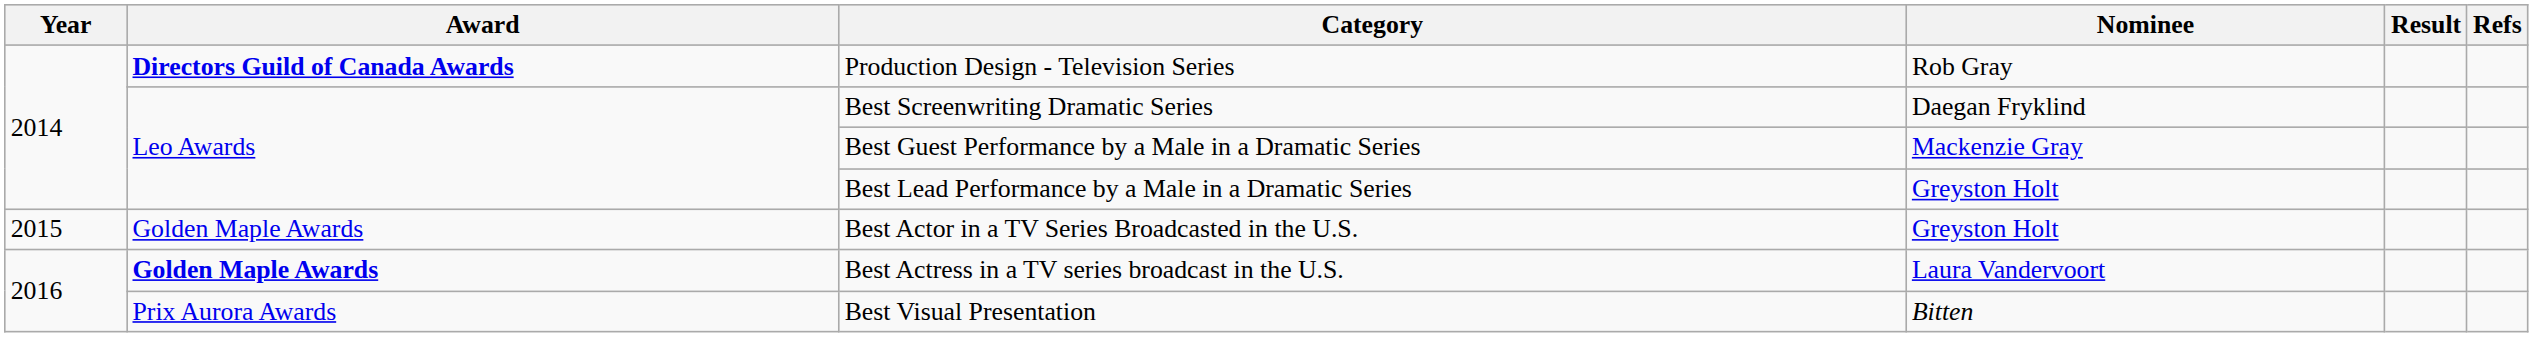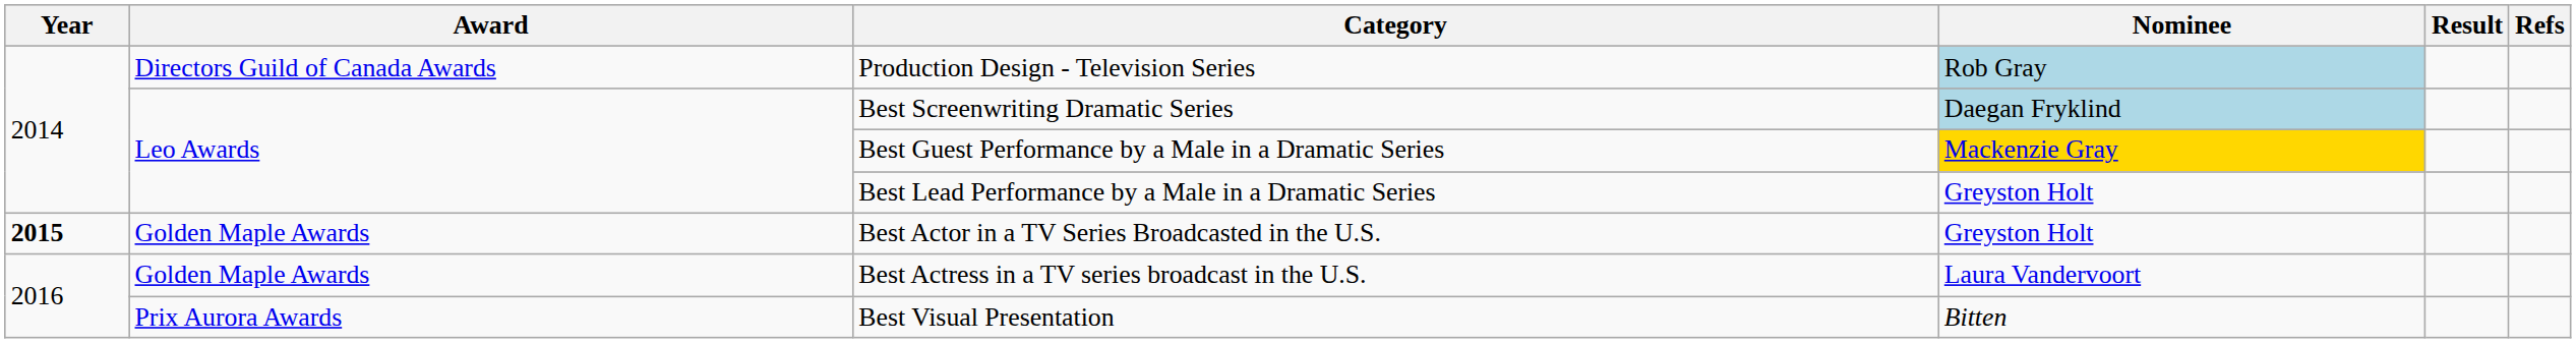 <table class="wikitable">
 <tr>
 <th width=5%>Year</th>
 <th width=30%>Award</th>
 <th width=45%>Category</th>
 <th width=40%>Nominee</th>
 <th width=10%>Result</th>
 <th width=3%>Refs</th>
 </tr>
 <tr>
 <td rowspan="4">2014</td>
-<td><strong><a href='#'>Directors Guild of Canada Awards</a></strong></td>
+<td><a href='#'>Directors Guild of Canada Awards</a></td>
 <td>Production Design - Television Series</td>
-<td>Rob Gray</td>
+<td style="background: lightblue;">Rob Gray</td>
 <td></td>
 <td></td>
 </tr>
 <tr>
 <td rowspan="3"><a href='#'>Leo Awards</a></td>
 <td>Best Screenwriting Dramatic Series</td>
-<td>Daegan Fryklind</td>
+<td style="background: lightblue;">Daegan Fryklind</td>
 <td></td>
 <td></td>
 </tr>
 <tr>
 <td>Best Guest Performance by a Male in a Dramatic Series</td>
-<td><a href='#'>Mackenzie Gray</a></td>
+<td style="background: gold;"><a href='#'>Mackenzie Gray</a></td>
 <td></td>
 <td></td>
 </tr>
 <tr>
 <td>Best Lead Performance by a Male in a Dramatic Series</td>
 <td><a href='#'>Greyston Holt</a></td>
 <td></td>
 <td></td>
 </tr>
 <tr>
-<td>2015</td>
+<td><strong>2015</strong></td>
 <td rowspan="1"><a href='#'>Golden Maple Awards</a></td>
 <td>Best Actor in a TV Series Broadcasted in the U.S.</td>
 <td><a href='#'>Greyston Holt</a></td>
 <td></td>
 <td></td>
 </tr>
 <tr>
 <td rowspan=2>2016</td>
-<td rowspan="1"><strong><a href='#'>Golden Maple Awards</a></strong></td>
+<td rowspan="1"><a href='#'>Golden Maple Awards</a></td>
 <td>Best Actress in a TV series broadcast in the U.S.</td>
 <td><a href='#'>Laura Vandervoort</a></td>
 <td></td>
 <td></td>
 </tr>
 <tr>
 <td><a href='#'>Prix Aurora Awards</a></td>
 <td>Best Visual Presentation</td>
 <td><em>Bitten</em></td>
 <td></td>
 <td></td>
 </tr>
 </table>
